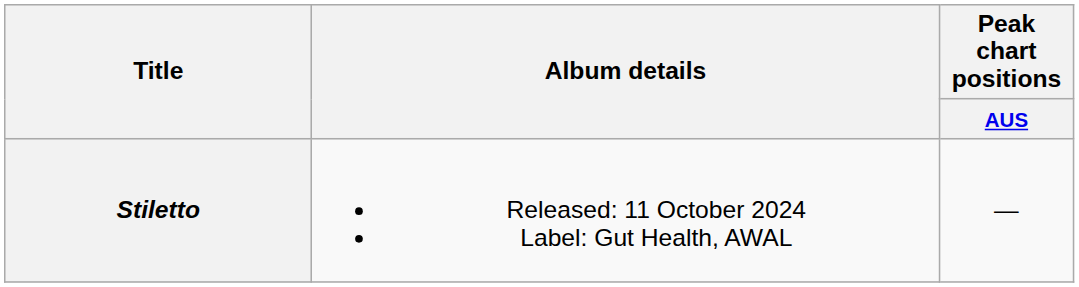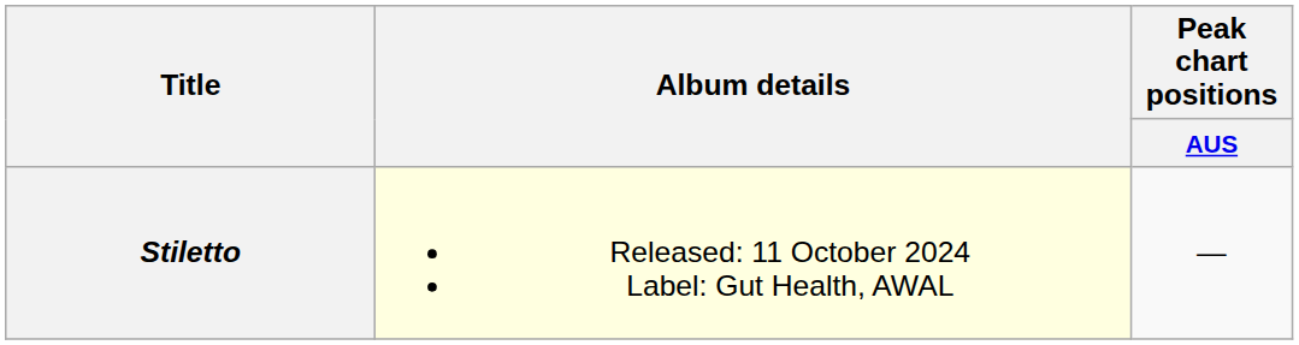 <table class="wikitable plainrowheaders" style="text-align:center;" border="1">
 <tr>
 <th scope="col" rowspan="2" style="width:12em;">Title</th>
 <th scope="col" rowspan="2" style="width:25em;">Album details</th>
 <th scope="col" colspan="1" style="width:5em;">Peak chart<br>positions</th>
 </tr>
 <tr>
 <th scope="col" style="text-align:center;"><small><a href='#'>AUS</a></small></th>
 </tr>
 <tr>
 <th scope="row"><em>Stiletto</em></th>
-<td><br><ul><li>Released: 11 October 2024</li><li>Label: Gut Health, AWAL</li></ul></td>
+<td style="background: lightyellow;"><br><ul><li>Released: 11 October 2024</li><li>Label: Gut Health, AWAL</li></ul></td>
 <td>—</td>
 </tr>
 </table>
